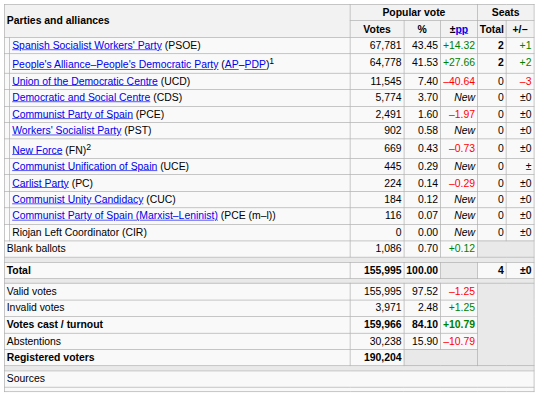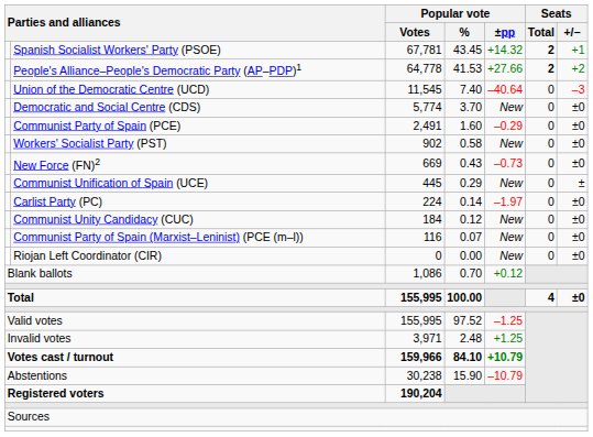 <table class="wikitable" style="text-align:right;">
 <tr>
 <th style="text-align:left;" rowspan="2" colspan="2" width="525">Parties and alliances</th>
 <th colspan="3">Popular vote</th>
 <th colspan="2">Seats</th>
 </tr>
 <tr>
 <th width="75">Votes</th>
 <th width="45">%</th>
 <th width="45">±<a href='#'>pp</a></th>
 <th width="35">Total</th>
 <th width="35">+/−</th>
 </tr>
 <tr>
 <td width="1" style="color:inherit;background:"></td>
 <td align="left"><a href='#'>Spanish Socialist Workers' Party</a> (PSOE)</td>
 <td>67,781</td>
 <td>43.45</td>
 <td style="color:green;">+14.32</td>
 <td><strong>2</strong></td>
 <td style="color:green;">+1</td>
 </tr>
 <tr>
 <td style="color:inherit;background:"></td>
 <td align="left"><a href='#'>People's Alliance–People's Democratic Party</a> (<a href='#'>AP</a>–<a href='#'>PDP</a>)<sup>1</sup></td>
 <td>64,778</td>
 <td>41.53</td>
 <td style="color:green;">+27.66</td>
 <td><strong>2</strong></td>
 <td style="color:green;">+2</td>
 </tr>
 <tr>
 <td style="color:inherit;background:"></td>
 <td align="left"><a href='#'>Union of the Democratic Centre</a> (UCD)</td>
 <td>11,545</td>
 <td>7.40</td>
 <td style="color:red;">–40.64</td>
 <td>0</td>
 <td style="color:red;">–3</td>
 </tr>
 <tr>
 <td style="color:inherit;background:"></td>
 <td align="left"><a href='#'>Democratic and Social Centre</a> (CDS)</td>
 <td>5,774</td>
 <td>3.70</td>
 <td><em>New</em></td>
 <td>0</td>
 <td>±0</td>
 </tr>
 <tr>
 <td style="color:inherit;background:"></td>
 <td align="left"><a href='#'>Communist Party of Spain</a> (PCE)</td>
 <td>2,491</td>
 <td>1.60</td>
-<td style="color:red;">–1.97</td>
+<td style="color:red;">–0.29</td>
 <td>0</td>
 <td>±0</td>
 </tr>
 <tr>
 <td style="color:inherit;background:"></td>
 <td align="left"><a href='#'>Workers' Socialist Party</a> (PST)</td>
 <td>902</td>
 <td>0.58</td>
 <td><em>New</em></td>
 <td>0</td>
 <td>±0</td>
 </tr>
 <tr>
 <td style="color:inherit;background:"></td>
 <td align="left"><a href='#'>New Force</a> (FN)<sup>2</sup></td>
 <td>669</td>
 <td>0.43</td>
 <td style="color:red;">–0.73</td>
 <td>0</td>
 <td>±0</td>
 </tr>
 <tr>
 <td style="color:inherit;background:"></td>
 <td align="left"><a href='#'>Communist Unification of Spain</a> (UCE)</td>
 <td>445</td>
 <td>0.29</td>
 <td><em>New</em></td>
 <td>0</td>
 <td>±</td>
 </tr>
 <tr>
 <td style="color:inherit;background:"></td>
 <td align="left"><a href='#'>Carlist Party</a> (PC)</td>
 <td>224</td>
 <td>0.14</td>
-<td style="color:red;">–0.29</td>
+<td style="color:red;">–1.97</td>
 <td>0</td>
 <td>±0</td>
 </tr>
 <tr>
 <td style="color:inherit;background:"></td>
 <td align="left"><a href='#'>Communist Unity Candidacy</a> (CUC)</td>
 <td>184</td>
 <td>0.12</td>
 <td><em>New</em></td>
 <td>0</td>
 <td>±0</td>
 </tr>
 <tr>
 <td style="color:inherit;background:"></td>
 <td align="left"><a href='#'>Communist Party of Spain (Marxist–Leninist)</a> (PCE (m–l))</td>
 <td>116</td>
 <td>0.07</td>
 <td><em>New</em></td>
 <td>0</td>
 <td>±0</td>
 </tr>
 <tr>
 <td bgcolor="white"></td>
 <td align="left">Riojan Left Coordinator (CIR)</td>
 <td>0</td>
 <td>0.00</td>
 <td><em>New</em></td>
 <td>0</td>
 <td>±0</td>
 </tr>
 <tr>
 <td align="left" colspan="2">Blank ballots</td>
 <td>1,086</td>
 <td>0.70</td>
 <td style="color:green;">+0.12</td>
 <td bgcolor="#E9E9E9" colspan="2"></td>
 </tr>
 <tr>
 <td colspan="7" bgcolor="#E9E9E9"></td>
 </tr>
 <tr style="font-weight:bold;">
 <td align="left" colspan="2">Total</td>
 <td>155,995</td>
 <td>100.00</td>
 <td bgcolor="#E9E9E9"></td>
 <td>4</td>
 <td>±0</td>
 </tr>
 <tr>
 <td colspan="7" bgcolor="#E9E9E9"></td>
 </tr>
 <tr>
 <td align="left" colspan="2">Valid votes</td>
 <td>155,995</td>
 <td>97.52</td>
 <td style="color:red;">–1.25</td>
 <td bgcolor="#E9E9E9" colspan="2" rowspan="5"></td>
 </tr>
 <tr>
 <td align="left" colspan="2">Invalid votes</td>
 <td>3,971</td>
 <td>2.48</td>
 <td style="color:green;">+1.25</td>
 </tr>
 <tr style="font-weight:bold;">
 <td align="left" colspan="2">Votes cast / turnout</td>
 <td>159,966</td>
 <td>84.10</td>
 <td style="color:green;">+10.79</td>
 </tr>
 <tr>
 <td align="left" colspan="2">Abstentions</td>
 <td>30,238</td>
 <td>15.90</td>
 <td style="color:red;">–10.79</td>
 </tr>
 <tr style="font-weight:bold;">
 <td align="left" colspan="2">Registered voters</td>
 <td>190,204</td>
 <td bgcolor="#E9E9E9" colspan="2"></td>
 </tr>
 <tr>
 <td colspan="7" bgcolor="#E9E9E9"></td>
 </tr>
 <tr>
 <td align="left" colspan="7">Sources</td>
 </tr>
 <tr>
 <td colspan="7" style="text-align:left; max-width:790px;"></td>
 </tr>
 </table>
